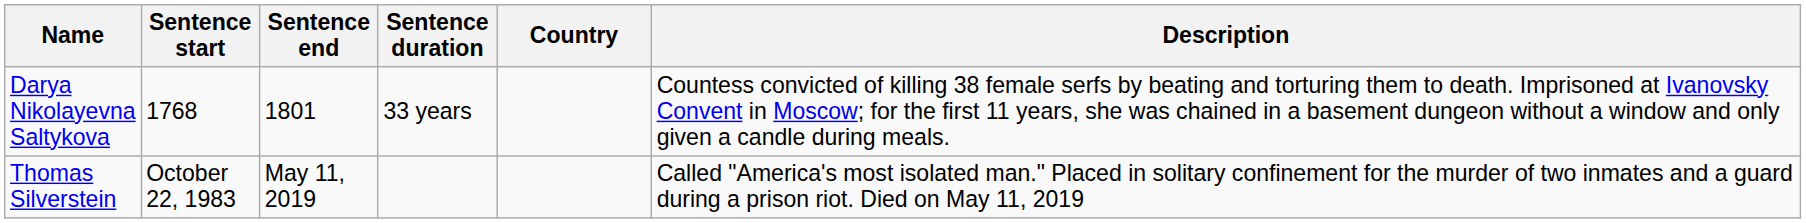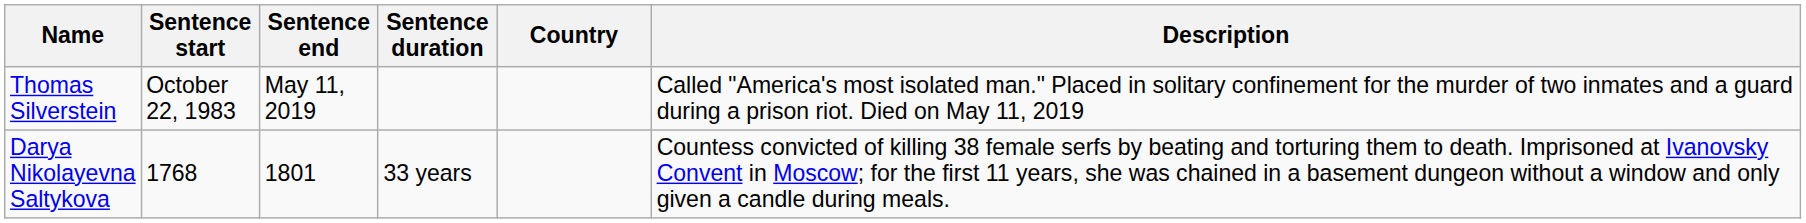 <table class="wikitable sortable" style="display: inline-table;width:;">
 <tr>
 <th style="width:76px;">Name</th>
 <th style="width:75px;">Sentence start</th>
 <th style="width:75px;">Sentence end</th>
 <th style="width:75px;">Sentence duration</th>
 <th style="width:100px;">Country</th>
 <th class="unsortable">Description</th>
 </tr>
 <tr>
+<td><a href='#'>Thomas Silverstein</a></td>
+<td>October 22, 1983</td>
+<td>May 11, 2019</td>
+<td></td>
+<td> </td>
+<td>Called "America's most isolated man." Placed in solitary confinement for the murder of two inmates and a guard during a prison riot. Died on May 11, 2019</td>
+</tr>
+<tr>
 <td><a href='#'>Darya Nikolayevna Saltykova</a></td>
 <td>1768</td>
 <td>1801</td>
 <td>33 years</td>
 <td> </td>
 <td>Countess convicted of killing 38 female serfs by beating and torturing them to death. Imprisoned at <a href='#'>Ivanovsky Convent</a> in <a href='#'>Moscow</a>; for the first 11 years, she was chained in a basement dungeon without a window and only given a candle during meals.</td>
 </tr>
-<tr>
-<td><a href='#'>Thomas Silverstein</a></td>
-<td>October 22, 1983</td>
-<td>May 11, 2019</td>
-<td></td>
-<td> </td>
-<td>Called "America's most isolated man." Placed in solitary confinement for the murder of two inmates and a guard during a prison riot. Died on May 11, 2019</td>
-</tr>
 </table>
